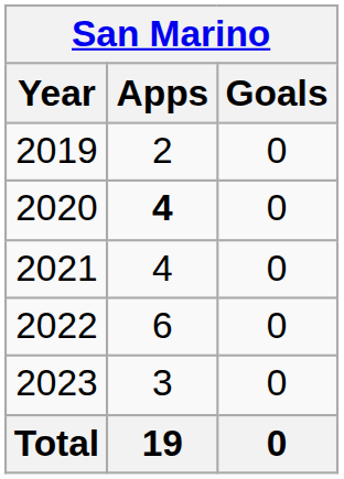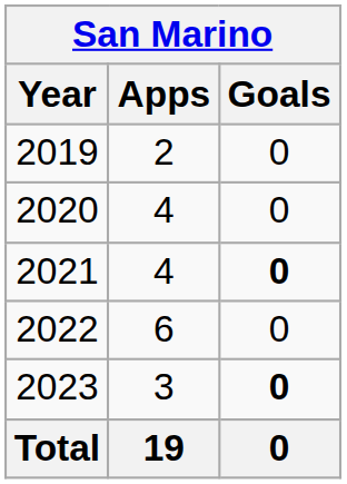 <table class="wikitable" style="text-align:center">
 <tr>
 <th colspan=3><a href='#'>San Marino</a></th>
 </tr>
 <tr>
 <th>Year</th>
 <th>Apps</th>
 <th>Goals</th>
 </tr>
 <tr>
 <td>2019</td>
 <td>2</td>
 <td>0</td>
 </tr>
 <tr>
 <td>2020</td>
-<td><strong>4</strong></td>
+<td>4</td>
 <td>0</td>
 </tr>
 <tr>
 <td>2021</td>
 <td>4</td>
-<td>0</td>
+<td><strong>0</strong></td>
 </tr>
 <tr>
 <td>2022</td>
 <td>6</td>
 <td>0</td>
 </tr>
 <tr>
 <td>2023</td>
 <td>3</td>
-<td>0</td>
+<td><strong>0</strong></td>
 </tr>
 <tr>
 <th>Total</th>
 <th>19</th>
 <th>0</th>
 </tr>
 </table>
